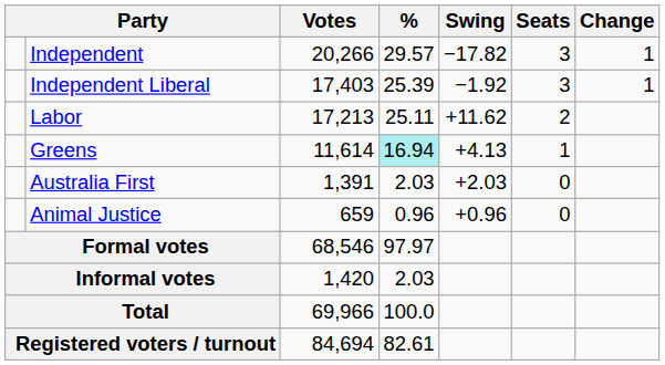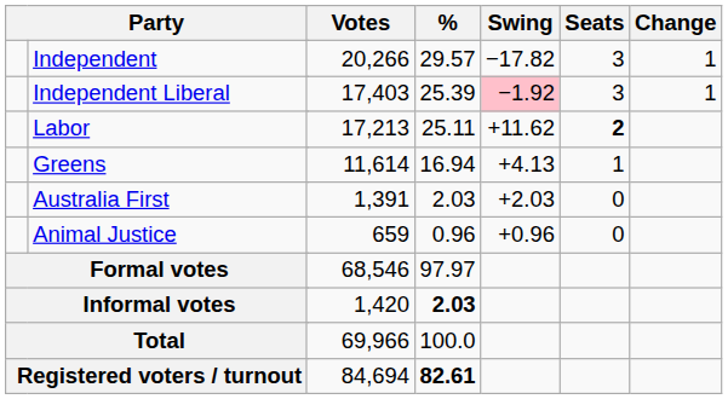 <table class="wikitable" style="text-align:right; margin-bottom:0">
 <tr>
 <th style="width:10px" colspan=3>Party</th>
 <th style="width:70px;">Votes</th>
 <th style="width:40px;">%</th>
 <th style="width:40px;">Swing</th>
 <th style="width:40px;">Seats</th>
 <th style="width:40px;">Change</th>
 </tr>
 <tr>
 <td> </td>
 <td style="text-align:left;" colspan="2"><a href='#'>Independent</a></td>
 <td style="width:70px;">20,266</td>
 <td style="width:40px;">29.57</td>
 <td style="width:45px;">−17.82</td>
 <td style="width:40px;">3</td>
 <td style="width:40px;"> 1</td>
 </tr>
 <tr>
 <td> </td>
 <td style="text-align:left;" colspan="2"><a href='#'>Independent Liberal</a></td>
 <td>17,403</td>
 <td>25.39</td>
-<td>−1.92</td>
+<td style="background: pink;">−1.92</td>
 <td>3</td>
 <td> 1</td>
 </tr>
 <tr>
 <td> </td>
 <td style="text-align:left;" colspan="2"><a href='#'>Labor</a></td>
 <td>17,213</td>
 <td>25.11</td>
 <td>+11.62</td>
-<td>2</td>
+<td><strong>2</strong></td>
 <td></td>
 </tr>
 <tr>
 <td> </td>
 <td style="text-align:left;" colspan="2"><a href='#'>Greens</a></td>
 <td>11,614</td>
-<td style="background: paleturquoise;">16.94</td>
+<td>16.94</td>
 <td>+4.13</td>
 <td>1</td>
 <td></td>
 </tr>
 <tr>
 <td> </td>
 <td style="text-align:left;" colspan="2"><a href='#'>Australia First</a></td>
 <td>1,391</td>
 <td>2.03</td>
 <td>+2.03</td>
 <td>0</td>
 <td></td>
 </tr>
 <tr>
 <td> </td>
 <td style="text-align:left;" colspan="2"><a href='#'>Animal Justice</a></td>
 <td>659</td>
 <td>0.96</td>
 <td>+0.96</td>
 <td>0</td>
 <td></td>
 </tr>
 <tr>
 <th colspan="3" rowspan="1"> Formal votes</th>
 <td>68,546</td>
 <td>97.97</td>
 <td></td>
 <td></td>
 <td></td>
 </tr>
 <tr>
 <th colspan="3" rowspan="1"> Informal votes</th>
 <td>1,420</td>
-<td>2.03</td>
+<td><strong>2.03</strong></td>
 <td></td>
 <td></td>
 <td></td>
 </tr>
 <tr>
 <th colspan="3" rowspan="1"> Total</th>
 <td>69,966</td>
 <td>100.0</td>
 <td></td>
 <td></td>
 <td></td>
 </tr>
 <tr>
 <th colspan="3" rowspan="1"> Registered voters / turnout</th>
 <td>84,694</td>
-<td>82.61</td>
+<td><strong>82.61</strong></td>
 <td></td>
 <td></td>
 <td></td>
 </tr>
 </table>
